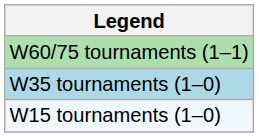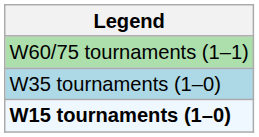 <table class="wikitable" style="font-size:85%">
 <tr>
 <th>Legend</th>
 </tr>
 <tr style="background:#addfad;">
 <td>W60/75 tournaments (1–1)</td>
 </tr>
 <tr style="background:lightblue;">
 <td>W35 tournaments (1–0)</td>
 </tr>
 <tr style="background:#f0f8ff;">
-<td>W15 tournaments (1–0)</td>
+<td><strong>W15 tournaments (1–0)</strong></td>
 </tr>
 </table>
